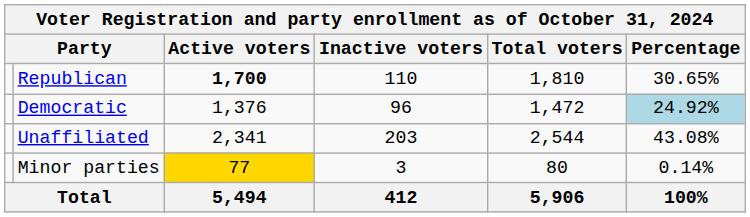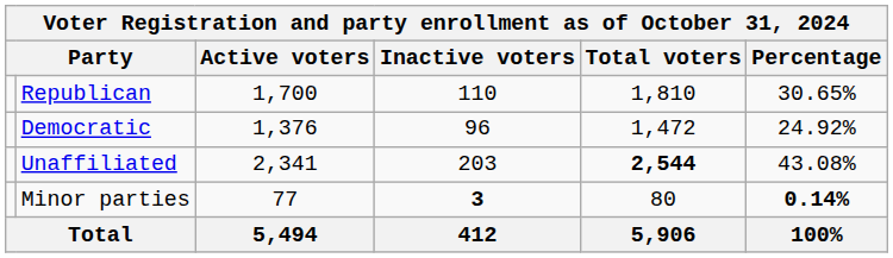 <table class=wikitable>
 <tr>
 <th colspan = 6>Voter Registration and party enrollment as of October 31, 2024</th>
 </tr>
 <tr>
 <th colspan = 2>Party</th>
 <th>Active voters</th>
 <th>Inactive voters</th>
 <th>Total voters</th>
 <th>Percentage</th>
 </tr>
 <tr>
 <td></td>
 <td><a href='#'>Republican</a></td>
-<td align = center><strong>1,700</strong></td>
+<td align = center>1,700</td>
 <td align = center>110</td>
 <td align = center>1,810</td>
 <td align = center>30.65%</td>
 </tr>
 <tr>
 <td></td>
 <td><a href='#'>Democratic</a></td>
 <td align = center>1,376</td>
 <td align = center>96</td>
 <td align = center>1,472</td>
-<td align = center style="background: lightblue;">24.92%</td>
+<td align = center>24.92%</td>
 </tr>
 <tr>
 <td></td>
 <td><a href='#'>Unaffiliated</a></td>
 <td align = center>2,341</td>
 <td align = center>203</td>
-<td align = center>2,544</td>
+<td align = center><strong>2,544</strong></td>
 <td align = center>43.08%</td>
 </tr>
 <tr>
 <td></td>
 <td>Minor parties</td>
-<td align = center style="background: gold;">77</td>
-<td align = center>3</td>
+<td align = center>77</td>
+<td align = center><strong>3</strong></td>
 <td align = center>80</td>
-<td align = center>0.14%</td>
+<td align = center><strong>0.14%</strong></td>
 </tr>
 <tr>
 <th colspan = 2>Total</th>
 <th align = center>5,494</th>
 <th align = center>412</th>
 <th align = center>5,906</th>
 <th align = center>100%</th>
 </tr>
 </table>
